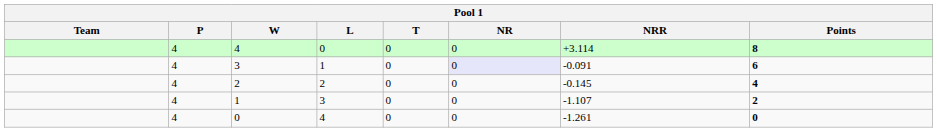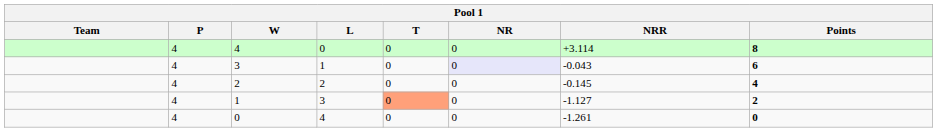 <table class="wikitable" width=85%>
 <tr>
 <th colspan="8">Pool 1</th>
 </tr>
 <tr>
 <th>Team</th>
 <th>P</th>
 <th>W</th>
 <th>L</th>
 <th>T</th>
 <th>NR</th>
 <th>NRR</th>
 <th>Points</th>
 </tr>
 <tr bgcolor=ccffcc>
 <td align=left></td>
 <td>4</td>
 <td>4</td>
 <td>0</td>
 <td>0</td>
 <td>0</td>
 <td>+3.114</td>
 <td><strong>8</strong></td>
 </tr>
 <tr>
 <td align=left></td>
 <td>4</td>
 <td>3</td>
 <td>1</td>
 <td>0</td>
 <td style="background: lavender;">0</td>
-<td>-0.091</td>
+<td>-0.043</td>
 <td><strong>6</strong></td>
 </tr>
 <tr>
 <td align=left></td>
 <td>4</td>
 <td>2</td>
 <td>2</td>
 <td>0</td>
 <td>0</td>
 <td>-0.145</td>
 <td><strong>4</strong></td>
 </tr>
 <tr>
 <td align=left></td>
 <td>4</td>
 <td>1</td>
 <td>3</td>
+<td style="background: lightsalmon;">0</td>
 <td>0</td>
-<td>0</td>
-<td>-1.107</td>
+<td>-1.127</td>
 <td><strong>2</strong></td>
 </tr>
 <tr>
 <td align=left></td>
 <td>4</td>
 <td>0</td>
 <td>4</td>
 <td>0</td>
 <td>0</td>
 <td>-1.261</td>
 <td><strong>0</strong></td>
 </tr>
 </table>
